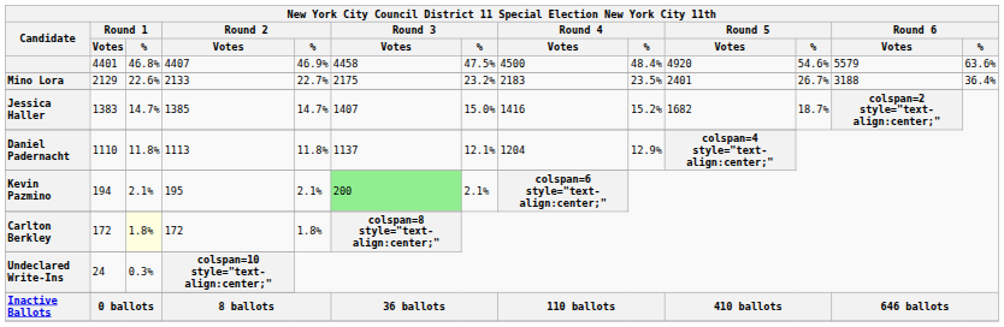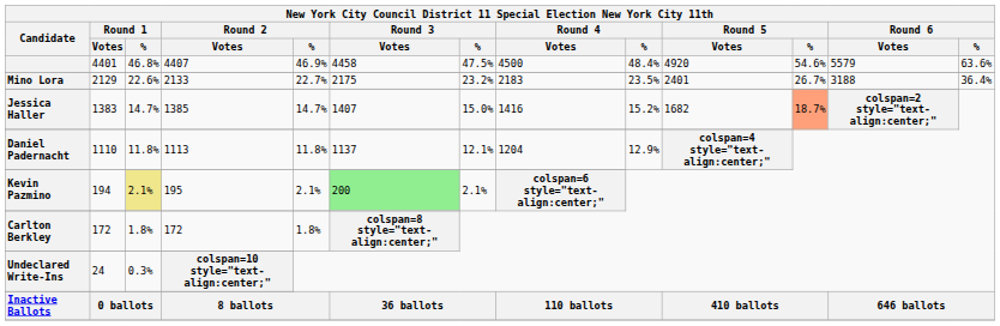 <table class="wikitable sortable mw-collapsible">
 <tr>
 <th colspan=" 13 ">New York City Council District 11 Special Election New York City 11th</th>
 </tr>
 <tr style="background:#eee; text-align:center;">
 <th rowspan="2" style="text-align:center;">Candidate</th>
 <th colspan="2" style="text-align:center;">Round 1</th>
 <th colspan="2" style="text-align:center;">Round 2</th>
 <th colspan="2" style="text-align:center;">Round 3</th>
 <th colspan="2" style="text-align:center;">Round 4</th>
 <th colspan="2" style="text-align:center;">Round 5</th>
 <th colspan="2" style="text-align:center;">Round 6</th>
 </tr>
 <tr>
 <th>Votes</th>
 <th>%</th>
 <th>Votes</th>
 <th>%</th>
 <th>Votes</th>
 <th>%</th>
 <th>Votes</th>
 <th>%</th>
 <th>Votes</th>
 <th>%</th>
 <th>Votes</th>
 <th>%</th>
 </tr>
 <tr>
 <th scope="row" style="text-align:left;"></th>
 <td>4401</td>
 <td>46.8%</td>
 <td>4407</td>
 <td>46.9%</td>
 <td>4458</td>
 <td>47.5%</td>
 <td>4500</td>
 <td>48.4%</td>
 <td>4920</td>
 <td>54.6%</td>
 <td> 5579</td>
 <td> 63.6%</td>
 </tr>
 <tr>
 </tr>
 <tr>
 <th scope="row" style="text-align:left;">Mino Lora</th>
 <td>2129</td>
 <td>22.6%</td>
 <td>2133</td>
 <td>22.7%</td>
 <td>2175</td>
 <td>23.2%</td>
 <td>2183</td>
 <td>23.5%</td>
 <td>2401</td>
 <td>26.7%</td>
 <td>3188</td>
 <td>36.4%</td>
 </tr>
 <tr>
 </tr>
 <tr>
 <th scope="row" style="text-align:left;">Jessica Haller</th>
 <td>1383</td>
 <td>14.7%</td>
 <td>1385</td>
 <td>14.7%</td>
 <td>1407</td>
 <td>15.0%</td>
 <td>1416</td>
 <td>15.2%</td>
 <td>1682</td>
-<td>18.7%</td>
+<td style="background: lightsalmon;">18.7%</td>
 <th>colspan=2 style="text-align:center;" </th>
 </tr>
 <tr>
 </tr>
 <tr>
 <th scope="row" style="text-align:left;">Daniel Padernacht</th>
 <td>1110</td>
 <td>11.8%</td>
 <td>1113</td>
 <td>11.8%</td>
 <td>1137</td>
 <td>12.1%</td>
 <td>1204</td>
 <td>12.9%</td>
 <th>colspan=4 style="text-align:center;" </th>
 </tr>
 <tr>
 </tr>
 <tr>
 <th scope="row" style="text-align:left;">Kevin Pazmino</th>
 <td>194</td>
-<td>2.1%</td>
+<td style="background: khaki;">2.1%</td>
 <td>195</td>
 <td>2.1%</td>
 <td style="background: lightgreen;">200</td>
 <td>2.1%</td>
 <th>colspan=6 style="text-align:center;" </th>
 </tr>
 <tr>
 </tr>
 <tr>
 <th scope="row" style="text-align:left;">Carlton Berkley</th>
 <td>172</td>
-<td style="background: lightyellow;">1.8%</td>
+<td>1.8%</td>
 <td>172</td>
 <td>1.8%</td>
 <th>colspan=8 style="text-align:center;" </th>
 </tr>
 <tr>
 </tr>
 <tr>
 <th scope="row" style="text-align:left;">Undeclared Write-Ins</th>
 <td>24</td>
 <td>0.3%</td>
 <th>colspan=10 style="text-align:center;" </th>
 </tr>
 <tr>
 </tr>
 <tr>
 <th scope="row" style="text-align:left;"><a href='#'>Inactive Ballots</a></th>
 <th colspan="2">0 ballots</th>
 <th colspan="2">8 ballots</th>
 <th colspan="2">36 ballots</th>
 <th colspan="2">110 ballots</th>
 <th colspan="2">410 ballots</th>
 <th colspan="2">646 ballots</th>
 </tr>
 <tr>
 </tr>
 </table>
